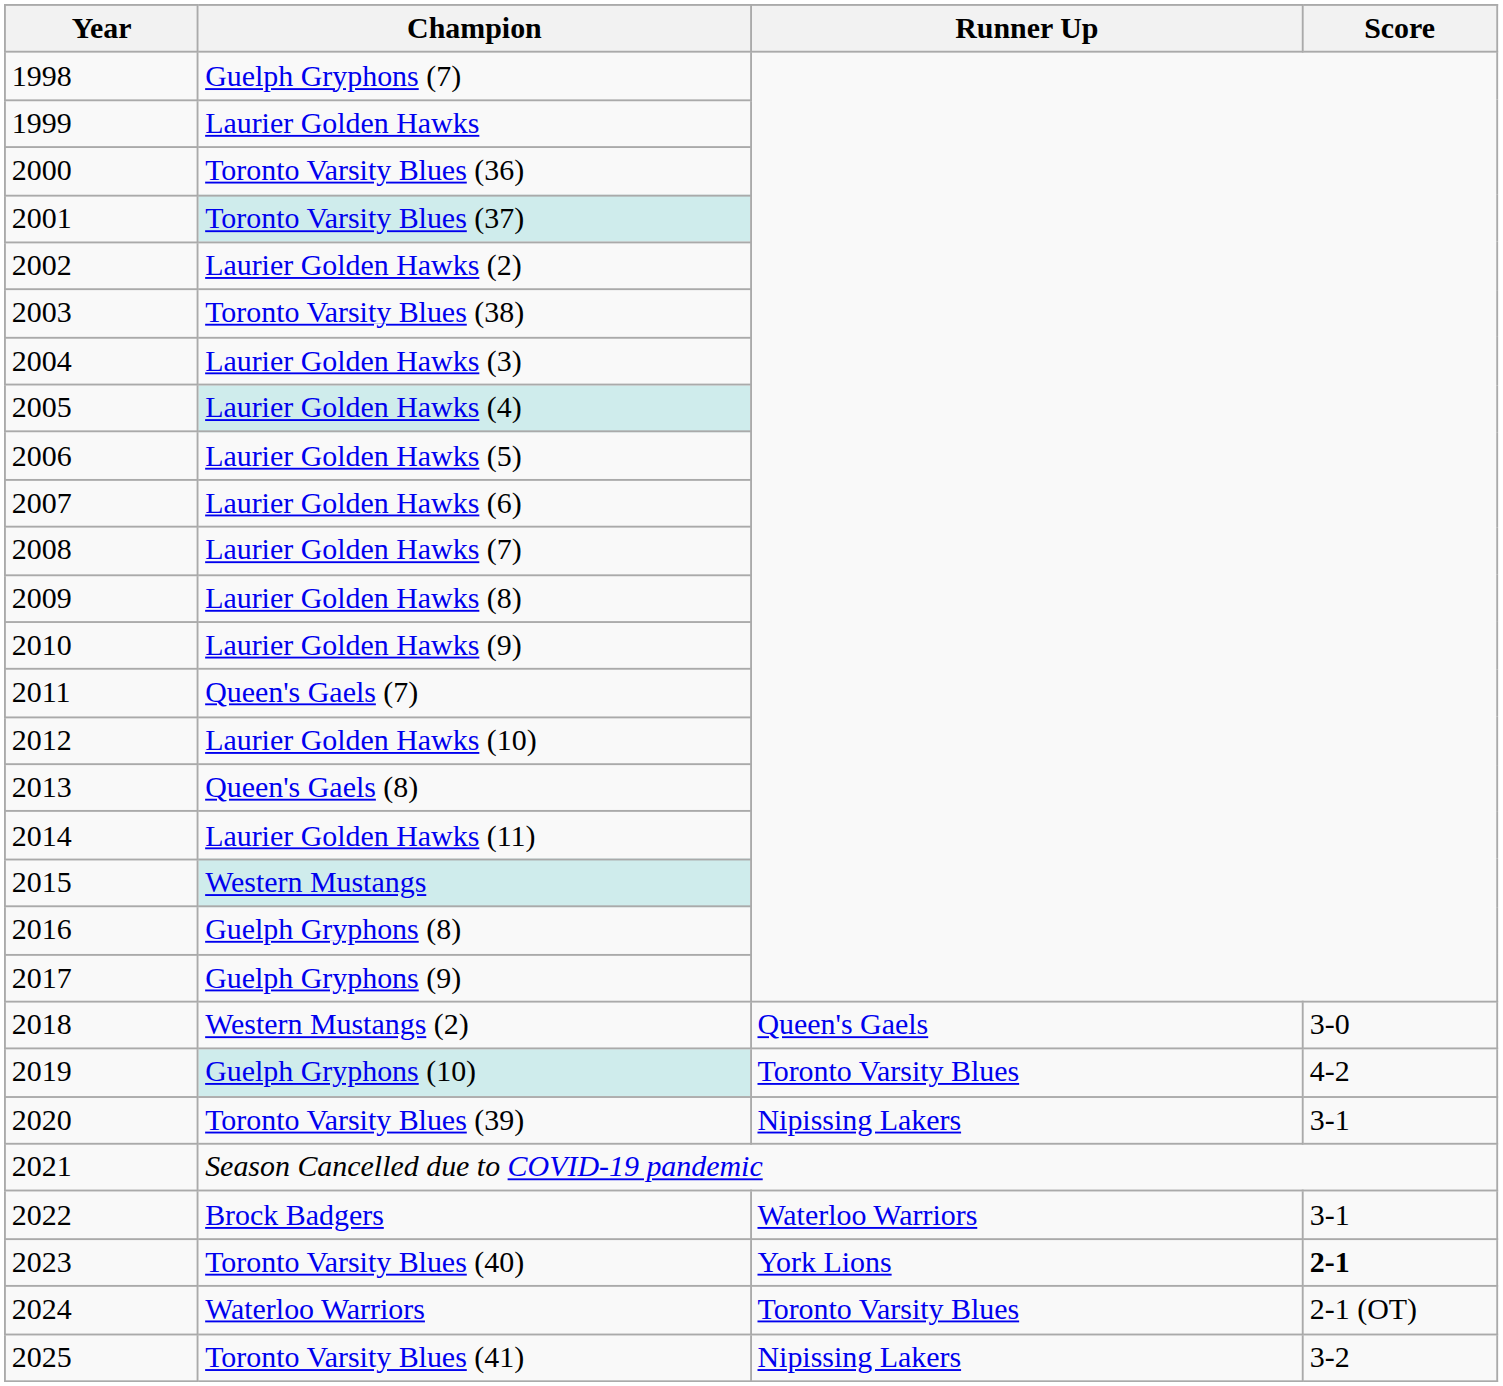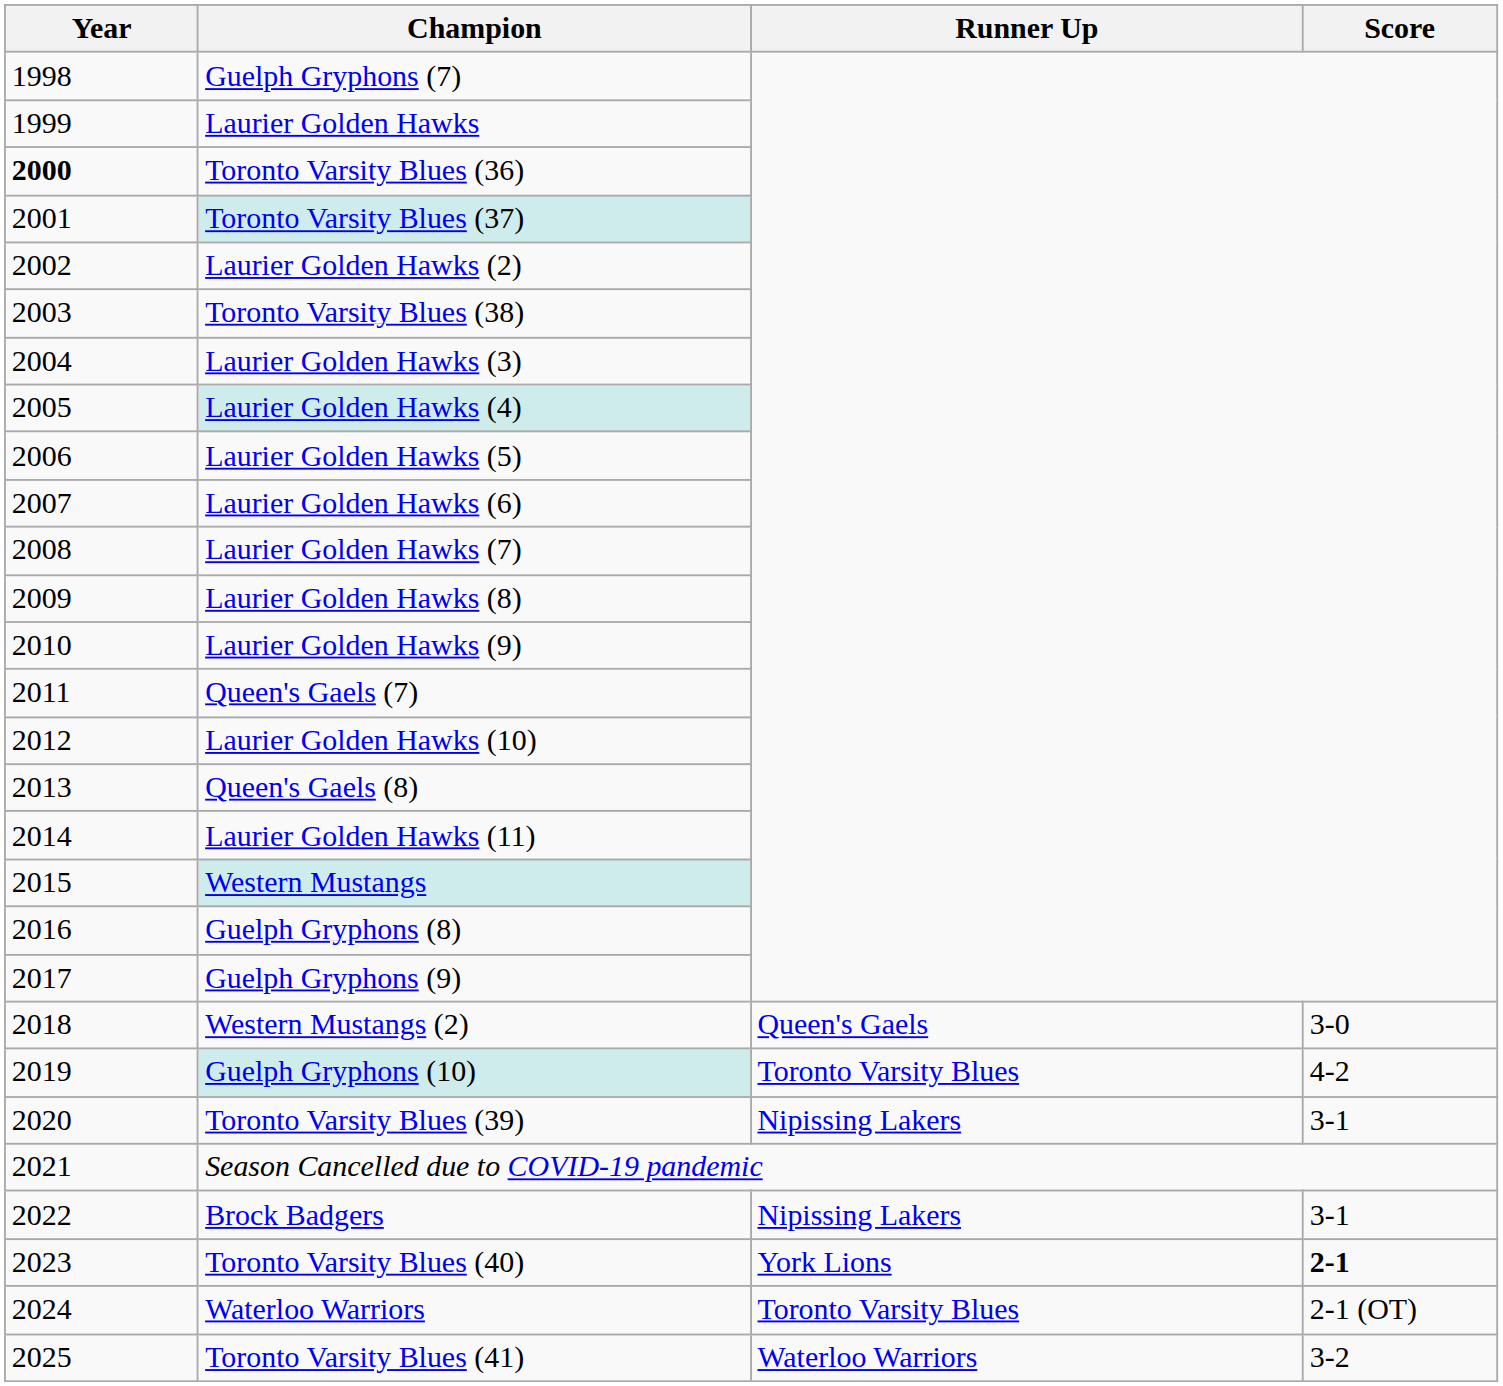 <table class="wikitable">
 <tr>
 <th>Year</th>
 <th>Champion</th>
 <th>Runner Up</th>
 <th>Score</th>
 </tr>
 <tr>
 <td style="width:6em">1998</td>
 <td style="width:18em"><a href='#'>Guelph Gryphons</a> (7)</td>
 <td colspan="2" rowspan="20"></td>
 </tr>
 <tr>
 <td>1999</td>
 <td><a href='#'>Laurier Golden Hawks</a></td>
 </tr>
 <tr>
-<td>2000</td>
+<td><strong>2000</strong></td>
 <td><a href='#'>Toronto Varsity Blues</a> (36)</td>
 </tr>
 <tr>
 <td>2001</td>
 <td style="background-color:#CFECEC; border:1px solid #aaaaaa"><a href='#'>Toronto Varsity Blues</a> (37)</td>
 </tr>
 <tr>
 <td>2002</td>
 <td><a href='#'>Laurier Golden Hawks</a> (2)</td>
 </tr>
 <tr>
 <td>2003</td>
 <td><a href='#'>Toronto Varsity Blues</a> (38)</td>
 </tr>
 <tr>
 <td>2004</td>
 <td><a href='#'>Laurier Golden Hawks</a> (3)</td>
 </tr>
 <tr>
 <td>2005</td>
 <td style="background-color:#CFECEC; border:1px solid #aaaaaa"><a href='#'>Laurier Golden Hawks</a> (4)</td>
 </tr>
 <tr>
 <td>2006</td>
 <td><a href='#'>Laurier Golden Hawks</a> (5)</td>
 </tr>
 <tr>
 <td>2007</td>
 <td><a href='#'>Laurier Golden Hawks</a> (6)</td>
 </tr>
 <tr>
 <td>2008</td>
 <td><a href='#'>Laurier Golden Hawks</a> (7)</td>
 </tr>
 <tr>
 <td>2009</td>
 <td><a href='#'>Laurier Golden Hawks</a> (8)</td>
 </tr>
 <tr>
 <td>2010</td>
 <td><a href='#'>Laurier Golden Hawks</a> (9)</td>
 </tr>
 <tr>
 <td>2011</td>
 <td><a href='#'>Queen's Gaels</a> (7)</td>
 </tr>
 <tr>
 <td>2012</td>
 <td><a href='#'>Laurier Golden Hawks</a> (10)</td>
 </tr>
 <tr>
 <td>2013</td>
 <td><a href='#'>Queen's Gaels</a> (8)</td>
 </tr>
 <tr>
 <td>2014</td>
 <td><a href='#'>Laurier Golden Hawks</a> (11)</td>
 </tr>
 <tr>
 <td>2015</td>
 <td style="background-color:#CFECEC; border:1px solid #aaaaaa"><a href='#'>Western Mustangs</a></td>
 </tr>
 <tr>
 <td>2016</td>
 <td><a href='#'>Guelph Gryphons</a> (8)</td>
 </tr>
 <tr>
 <td>2017</td>
 <td><a href='#'>Guelph Gryphons</a> (9)</td>
 </tr>
 <tr>
 <td>2018</td>
 <td><a href='#'>Western Mustangs</a> (2)</td>
 <td style="width:18em"><a href='#'>Queen's Gaels</a></td>
 <td style="width:6em">3-0</td>
 </tr>
 <tr>
 <td>2019</td>
 <td style="background-color:#CFECEC; border:1px solid #aaaaaa"><a href='#'>Guelph Gryphons</a> (10)</td>
 <td><a href='#'>Toronto Varsity Blues</a></td>
 <td>4-2</td>
 </tr>
 <tr>
 <td>2020</td>
 <td><a href='#'>Toronto Varsity Blues</a> (39)</td>
 <td><a href='#'>Nipissing Lakers</a></td>
 <td>3-1</td>
 </tr>
 <tr>
 <td>2021</td>
 <td colspan="3"><em>Season Cancelled due to <a href='#'>COVID-19 pandemic</a></em></td>
 </tr>
 <tr>
 <td>2022</td>
 <td><a href='#'>Brock Badgers</a></td>
-<td><a href='#'>Waterloo Warriors</a></td>
+<td><a href='#'>Nipissing Lakers</a></td>
 <td>3-1</td>
 </tr>
 <tr>
 <td>2023</td>
 <td><a href='#'>Toronto Varsity Blues</a> (40)</td>
 <td><a href='#'>York Lions</a></td>
 <td><strong>2-1</strong></td>
 </tr>
 <tr>
 <td>2024</td>
 <td><a href='#'>Waterloo Warriors</a></td>
 <td><a href='#'>Toronto Varsity Blues</a></td>
 <td>2-1 (OT)</td>
 </tr>
 <tr>
 <td>2025</td>
 <td><a href='#'>Toronto Varsity Blues</a> (41)</td>
-<td><a href='#'>Nipissing Lakers</a></td>
+<td><a href='#'>Waterloo Warriors</a></td>
 <td>3-2</td>
 </tr>
 </table>
